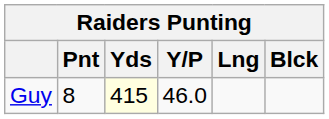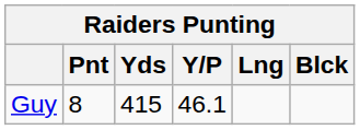 <table class="wikitable">
 <tr>
 <th colspan="6">Raiders Punting</th>
 </tr>
 <tr>
 <th></th>
 <th>Pnt</th>
 <th>Yds</th>
 <th>Y/P</th>
 <th>Lng</th>
 <th>Blck</th>
 </tr>
 <tr>
 <td><a href='#'>Guy</a></td>
 <td>8</td>
-<td style="background: lightyellow;">415</td>
-<td>46.0</td>
+<td>415</td>
+<td>46.1</td>
 <td></td>
 <td></td>
 </tr>
 </table>
